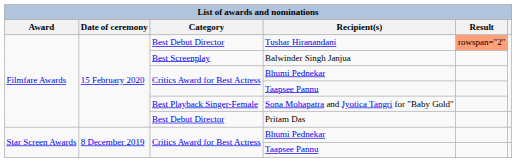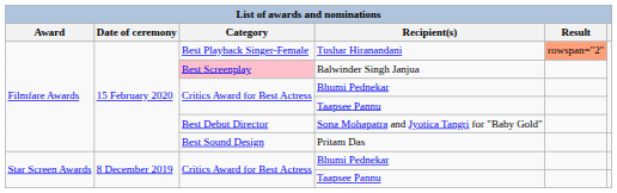 <table class="wikitable sortable" style="font-size:small">
 <tr style="background:#ccc; text-align:center;">
 <th colspan="8" style="background: LightSteelBlue;">List of awards and nominations</th>
 </tr>
 <tr style="background:#ccc; text-align:center;">
 <th>Award</th>
 <th>Date of ceremony</th>
 <th>Category</th>
 <th>Recipient(s)</th>
 <th>Result</th>
 <th class="unsortable"></th>
 </tr>
 <tr>
 <td rowspan="6"><a href='#'>Filmfare Awards</a></td>
 <td rowspan="6"><a href='#'>15 February 2020</a></td>
-<td><a href='#'>Best Debut Director</a></td>
+<td><a href='#'>Best Playback Singer-Female</a></td>
 <td><a href='#'>Tushar Hiranandani</a></td>
 <td style="background: lightsalmon;">rowspan="2" </td>
 <td rowspan="5"></td>
 </tr>
 <tr>
-<td><a href='#'>Best Screenplay</a></td>
+<td style="background: pink;"><a href='#'>Best Screenplay</a></td>
 <td>Balwinder Singh Janjua</td>
 </tr>
 <tr>
 <td rowspan="2"><a href='#'>Critics Award for Best Actress</a></td>
 <td><a href='#'>Bhumi Pednekar</a></td>
 <td></td>
 </tr>
 <tr>
 <td><a href='#'>Taapsee Pannu</a></td>
 <td></td>
 </tr>
 <tr>
-<td><a href='#'>Best Playback Singer-Female</a></td>
+<td><a href='#'>Best Debut Director</a></td>
 <td><a href='#'>Sona Mohapatra</a> and <a href='#'>Jyotica Tangri</a> for "Baby Gold"</td>
 <td></td>
 </tr>
 <tr>
-<td><a href='#'>Best Debut Director</a></td>
+<td><a href='#'>Best Sound Design</a></td>
 <td>Pritam Das</td>
 <td></td>
 <td></td>
 </tr>
 <tr>
 <td rowspan="2"><a href='#'>Star Screen Awards</a></td>
 <td rowspan="2"><a href='#'>8 December 2019</a></td>
 <td rowspan="2"><a href='#'>Critics Award for Best Actress</a></td>
 <td><a href='#'>Bhumi Pednekar</a></td>
 <td></td>
 <td></td>
 </tr>
 <tr>
 <td><a href='#'>Taapsee Pannu</a></td>
 <td></td>
 <td></td>
 </tr>
 </table>
